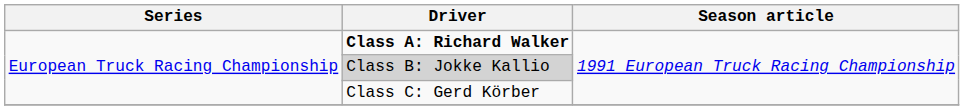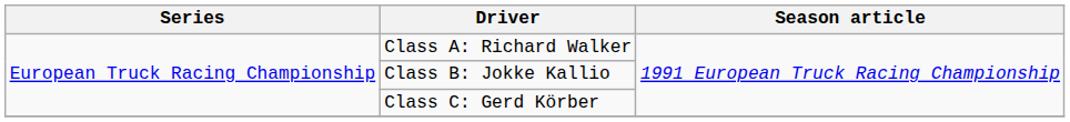 <table class="wikitable" style="font-size: 87%;">
 <tr>
 <th>Series</th>
 <th>Driver</th>
 <th>Season article</th>
 </tr>
 <tr>
 <td rowspan=3><a href='#'>European Truck Racing Championship</a></td>
-<td><strong>Class A:  Richard Walker</strong></td>
+<td>Class A:  Richard Walker</td>
 <td rowspan=3><em><a href='#'>1991 European Truck Racing Championship</a></em></td>
 </tr>
 <tr>
-<td style="background: lightgrey;">Class B:  Jokke Kallio</td>
+<td>Class B:  Jokke Kallio</td>
 </tr>
 <tr>
 <td>Class C:  Gerd Körber</td>
 </tr>
 <tr>
 </tr>
 </table>
